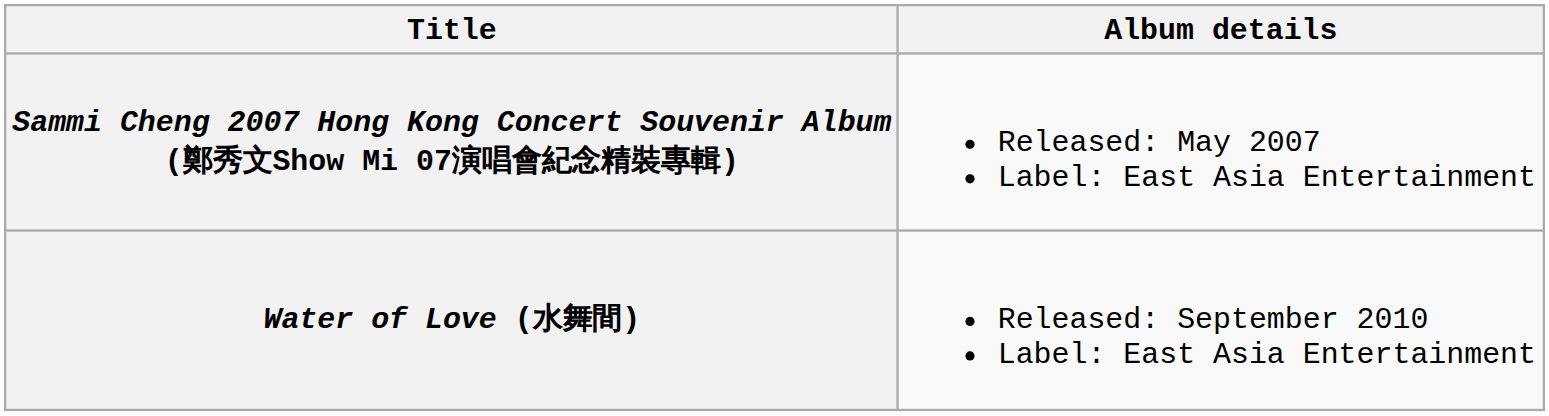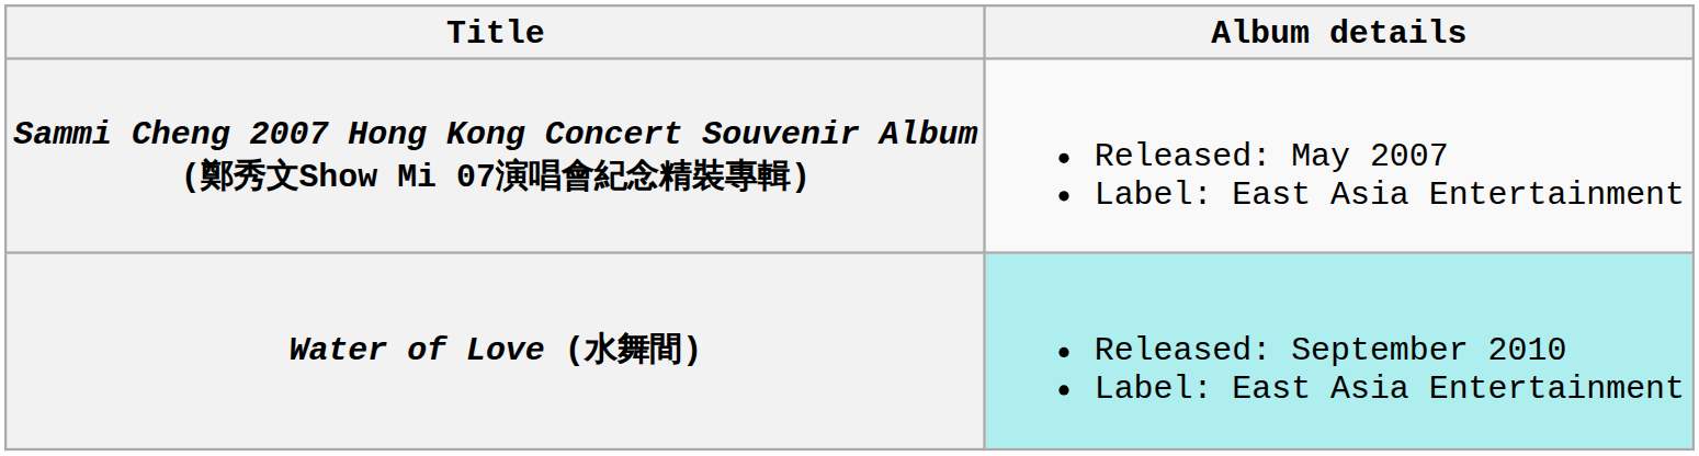 <table class="wikitable plainrowheaders sortable">
 <tr>
 <th>Title</th>
 <th>Album details</th>
 </tr>
 <tr>
 <th scope="row"><em>Sammi Cheng 2007 Hong Kong Concert Souvenir Album</em><br>(鄭秀文Show Mi 07演唱會紀念精裝專輯)</th>
 <td><br><ul><li>Released: May 2007</li><li>Label: East Asia Entertainment</li></ul></td>
 </tr>
 <tr>
 <th scope="row"><em>Water of Love</em> (水舞間)</th>
-<td><br><ul><li>Released: September 2010</li><li>Label: East Asia Entertainment</li></ul></td>
+<td style="background: paleturquoise;"><br><ul><li>Released: September 2010</li><li>Label: East Asia Entertainment</li></ul></td>
 </tr>
 </table>
